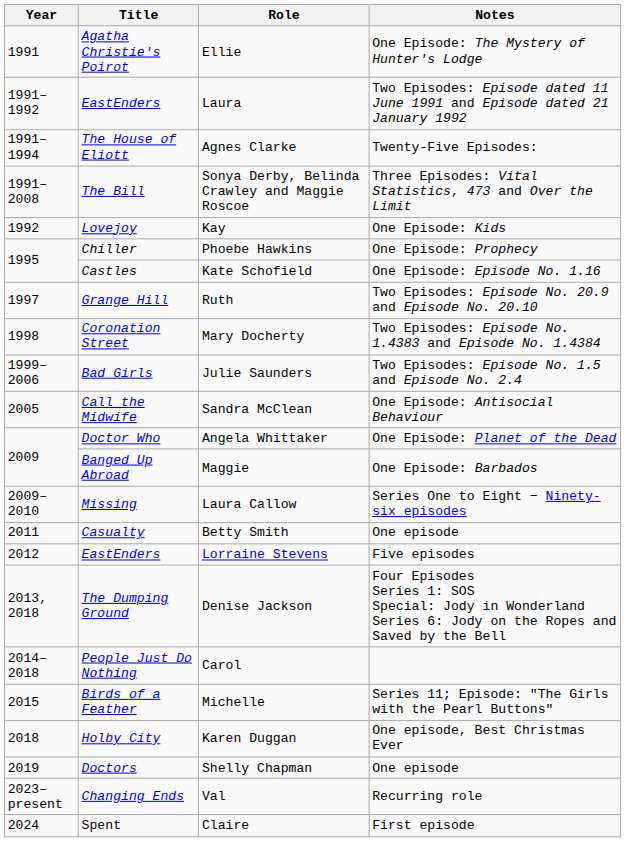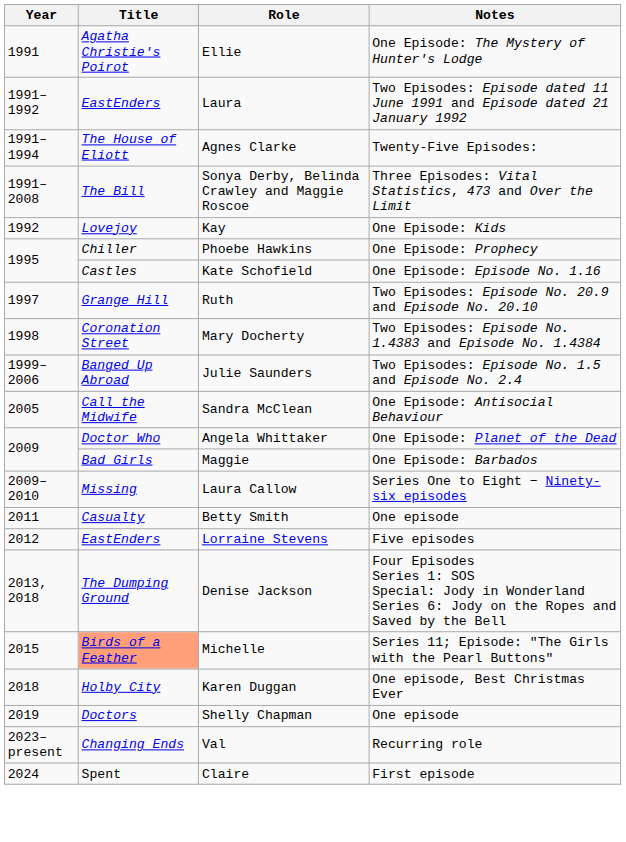 <table class="wikitable">
 <tr>
 <th>Year</th>
 <th>Title</th>
 <th>Role</th>
 <th>Notes</th>
 </tr>
 <tr>
 <td>1991</td>
 <td><em><a href='#'>Agatha Christie's Poirot</a></em></td>
 <td>Ellie</td>
 <td>One Episode: <em>The Mystery of Hunter's Lodge</em></td>
 </tr>
 <tr>
 <td>1991–1992</td>
 <td><em><a href='#'>EastEnders</a></em></td>
 <td>Laura</td>
 <td>Two Episodes: <em>Episode dated 11 June 1991</em> and <em>Episode dated 21 January 1992</em></td>
 </tr>
 <tr>
 <td>1991–1994</td>
 <td><em><a href='#'>The House of Eliott</a></em></td>
 <td>Agnes Clarke</td>
 <td>Twenty-Five Episodes:</td>
 </tr>
 <tr>
 <td>1991–2008</td>
 <td><em><a href='#'>The Bill</a></em></td>
 <td>Sonya Derby, Belinda Crawley and Maggie Roscoe</td>
 <td>Three Episodes: <em>Vital Statistics</em>, <em>473</em> and <em>Over the Limit</em></td>
 </tr>
 <tr>
 <td>1992</td>
 <td><em><a href='#'>Lovejoy</a></em></td>
 <td>Kay</td>
 <td>One Episode: <em>Kids</em></td>
 </tr>
 <tr>
 <td rowspan=2>1995</td>
 <td><em>Chiller</em></td>
 <td>Phoebe Hawkins</td>
 <td>One Episode: <em>Prophecy</em></td>
 </tr>
 <tr>
 <td><em>Castles</em></td>
 <td>Kate Schofield</td>
 <td>One Episode: <em>Episode No. 1.16</em></td>
 </tr>
 <tr>
 <td>1997</td>
 <td><em><a href='#'>Grange Hill</a></em></td>
 <td>Ruth</td>
 <td>Two Episodes: <em>Episode No. 20.9</em> and <em>Episode No. 20.10</em></td>
 </tr>
 <tr>
 <td>1998</td>
 <td><em><a href='#'>Coronation Street</a></em></td>
 <td>Mary Docherty</td>
 <td>Two Episodes: <em>Episode No. 1.4383</em> and <em>Episode No. 1.4384</em></td>
 </tr>
 <tr>
 <td>1999–2006</td>
-<td><em><a href='#'>Bad Girls</a></em></td>
+<td><em><a href='#'>Banged Up Abroad</a></em></td>
 <td>Julie Saunders</td>
 <td>Two Episodes: <em>Episode No. 1.5</em> and <em>Episode No. 2.4</em></td>
 </tr>
 <tr>
 <td>2005</td>
 <td><em><a href='#'>Call the Midwife</a></em></td>
 <td>Sandra McClean</td>
 <td>One Episode: <em>Antisocial Behaviour</em></td>
 </tr>
 <tr>
 <td rowspan=2>2009</td>
 <td><em><a href='#'>Doctor Who</a></em></td>
 <td>Angela Whittaker</td>
 <td>One Episode: <em><a href='#'>Planet of the Dead</a></em></td>
 </tr>
 <tr>
-<td><em><a href='#'>Banged Up Abroad</a></em></td>
+<td><em><a href='#'>Bad Girls</a></em></td>
 <td>Maggie</td>
 <td>One Episode: <em>Barbados</em></td>
 </tr>
 <tr>
 <td>2009–2010</td>
 <td><em><a href='#'>Missing</a></em></td>
 <td>Laura Callow</td>
 <td>Series One to Eight − <a href='#'>Ninety-six episodes</a></td>
 </tr>
 <tr>
 <td>2011</td>
 <td><em><a href='#'>Casualty</a></em></td>
 <td>Betty Smith</td>
 <td>One episode</td>
 </tr>
 <tr>
 <td>2012</td>
 <td><em><a href='#'>EastEnders</a></em></td>
 <td><a href='#'>Lorraine Stevens</a></td>
 <td>Five episodes</td>
 </tr>
 <tr>
 <td>2013, 2018</td>
 <td><em><a href='#'>The Dumping Ground</a></em></td>
 <td>Denise Jackson</td>
 <td>Four Episodes<br>Series 1: SOS <br> Special: Jody in Wonderland <br> Series 6: Jody on the Ropes and Saved by the Bell</td>
 </tr>
 <tr>
-<td>2014–2018</td>
-<td><em><a href='#'>People Just Do Nothing</a></em></td>
-<td>Carol</td>
-<td></td>
-</tr>
-<tr>
 <td>2015</td>
-<td><em><a href='#'>Birds of a Feather</a></em></td>
+<td style="background: lightsalmon;"><em><a href='#'>Birds of a Feather</a></em></td>
 <td>Michelle</td>
 <td>Series 11; Episode: "The Girls with the Pearl Buttons"</td>
 </tr>
 <tr>
 <td>2018</td>
 <td><em><a href='#'>Holby City</a></em></td>
 <td>Karen Duggan</td>
 <td>One episode, Best Christmas Ever</td>
 </tr>
 <tr>
 <td>2019</td>
 <td><em><a href='#'>Doctors</a></em></td>
 <td>Shelly Chapman</td>
 <td>One episode</td>
 </tr>
 <tr>
 <td>2023–present</td>
 <td><em><a href='#'>Changing Ends</a></em></td>
 <td>Val</td>
 <td>Recurring role</td>
 </tr>
 <tr>
 <td>2024</td>
 <td>Spent</td>
 <td>Claire</td>
 <td>First episode</td>
 </tr>
 </table>
